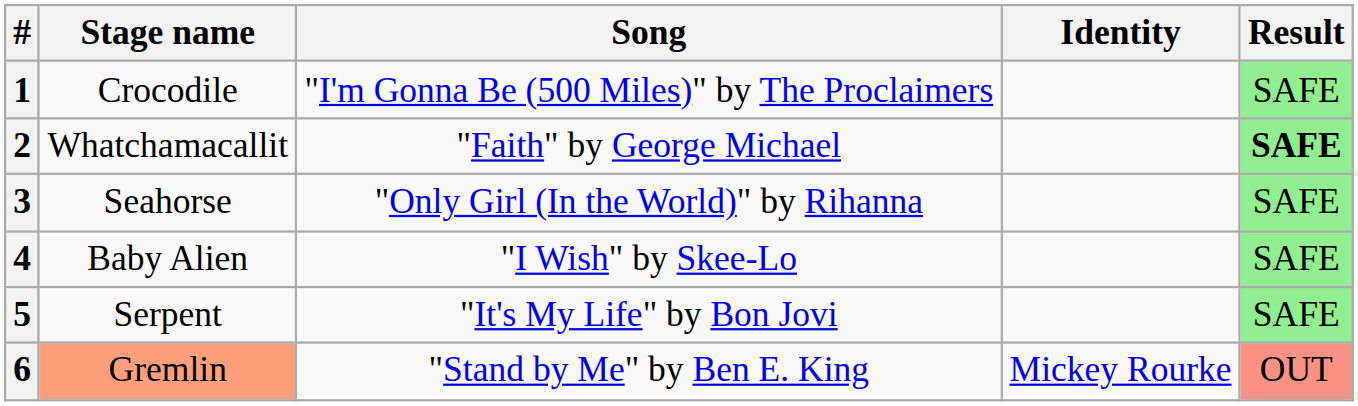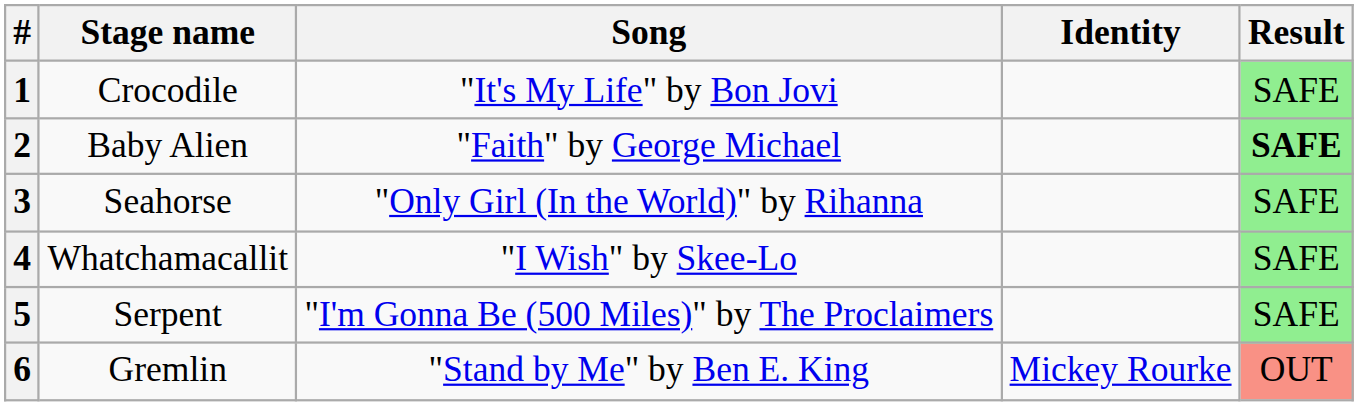 <table class="wikitable plainrowheaders" style="text-align: center;">
 <tr>
 <th>#</th>
 <th>Stage name</th>
 <th>Song</th>
 <th>Identity</th>
 <th colspan=2>Result</th>
 </tr>
 <tr>
 <th>1</th>
 <td>Crocodile</td>
-<td>"<a href='#'>I'm Gonna Be (500 Miles)</a>" by <a href='#'>The Proclaimers</a></td>
+<td>"<a href='#'>It's My Life</a>" by <a href='#'>Bon Jovi</a></td>
 <td></td>
 <td bgcolor=lightgreen>SAFE</td>
 </tr>
 <tr>
 <th>2</th>
-<td>Whatchamacallit</td>
+<td>Baby Alien</td>
 <td>"<a href='#'>Faith</a>" by <a href='#'>George Michael</a></td>
 <td></td>
 <td bgcolor=lightgreen><strong>SAFE</strong></td>
 </tr>
 <tr>
 <th>3</th>
 <td>Seahorse</td>
 <td>"<a href='#'>Only Girl (In the World)</a>" by <a href='#'>Rihanna</a></td>
 <td></td>
 <td bgcolor=lightgreen>SAFE</td>
 </tr>
 <tr>
 <th>4</th>
-<td>Baby Alien</td>
+<td>Whatchamacallit</td>
 <td>"<a href='#'>I Wish</a>" by <a href='#'>Skee-Lo</a></td>
 <td></td>
 <td bgcolor="lightgreen">SAFE</td>
 </tr>
 <tr>
 <th>5</th>
 <td>Serpent</td>
-<td>"<a href='#'>It's My Life</a>" by <a href='#'>Bon Jovi</a></td>
+<td>"<a href='#'>I'm Gonna Be (500 Miles)</a>" by <a href='#'>The Proclaimers</a></td>
 <td></td>
 <td bgcolor=lightgreen>SAFE</td>
 </tr>
 <tr>
 <th>6</th>
-<td style="background: lightsalmon;">Gremlin</td>
+<td>Gremlin</td>
 <td>"<a href='#'>Stand by Me</a>" by <a href='#'>Ben E. King</a></td>
 <td><a href='#'>Mickey Rourke</a></td>
 <td bgcolor=F99185>OUT</td>
 </tr>
 </table>
